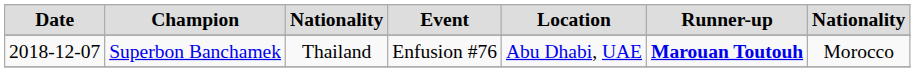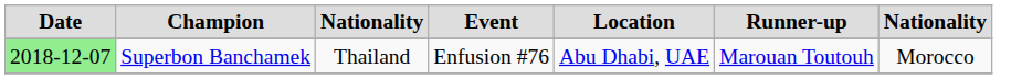 <table class="wikitable" style="text-align:center">
 <tr>
 </tr>
 <tr bgcolor="#dddddd">
 <td><strong>Date</strong></td>
 <td><strong>Champion</strong></td>
 <td><strong>Nationality</strong></td>
 <td><strong>Event</strong></td>
 <td><strong>Location</strong></td>
 <td><strong>Runner-up</strong></td>
 <td><strong>Nationality</strong></td>
 </tr>
 <tr>
 </tr>
 <tr>
-<td>2018-12-07</td>
+<td style="background: lightgreen;">2018-12-07</td>
 <td><a href='#'>Superbon Banchamek</a></td>
 <td> Thailand</td>
 <td>Enfusion #76</td>
 <td><a href='#'>Abu Dhabi</a>, <a href='#'>UAE</a></td>
-<td><strong><a href='#'>Marouan Toutouh</a></strong></td>
+<td><a href='#'>Marouan Toutouh</a></td>
 <td> Morocco</td>
 </tr>
 <tr>
 </tr>
 </table>
